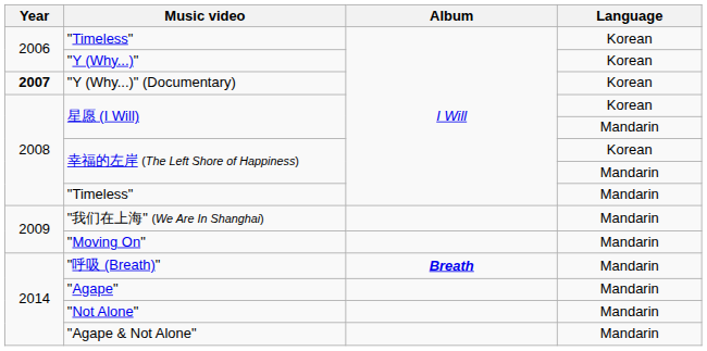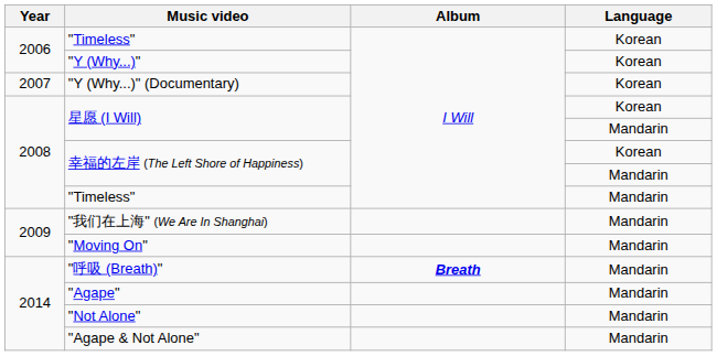 <table class="wikitable" style="width:50%;">
 <tr>
 <th width=3%>Year</th>
 <th style="width:20%;">Music video</th>
 <th style="width:15%;">Album</th>
 <th style="width:10%;">Language</th>
 </tr>
 <tr>
 <td style="text-align:center;" rowspan=2>2006</td>
 <td>"<a href='#'>Timeless</a>"</td>
 <td style="text-align:center;" rowspan=8><em><a href='#'>I Will</a></em></td>
 <td style="text-align:center;">Korean</td>
 </tr>
 <tr>
 <td>"<a href='#'>Y (Why...)</a>"</td>
 <td style="text-align:center;">Korean</td>
 </tr>
 <tr>
-<td style="text-align:center;"><strong>2007</strong></td>
+<td style="text-align:center;">2007</td>
 <td>"Y (Why...)" (Documentary)</td>
 <td style="text-align:center;">Korean</td>
 </tr>
 <tr>
 <td style="text-align:center;" rowspan=5>2008</td>
 <td rowspan=2><a href='#'>星愿 (I Will)</a></td>
 <td style="text-align:center;">Korean</td>
 </tr>
 <tr>
 <td style="text-align:center;">Mandarin</td>
 </tr>
 <tr>
 <td rowspan=2><a href='#'>幸福的左岸</a> <small>(<em>The Left Shore of Happiness</em>)</small></td>
 <td style="text-align:center;">Korean</td>
 </tr>
 <tr>
 <td style="text-align:center;">Mandarin</td>
 </tr>
 <tr>
 <td>"Timeless"</td>
 <td style="text-align:center;">Mandarin</td>
 </tr>
 <tr>
 <td style="text-align:center;" rowspan=2>2009</td>
 <td>"我们在上海" <small>(<em>We Are In Shanghai</em>)</small></td>
 <td></td>
 <td style="text-align:center;">Mandarin</td>
 </tr>
 <tr>
 <td>"<a href='#'>Moving On</a>"</td>
 <td></td>
 <td style="text-align:center;">Mandarin</td>
 </tr>
 <tr>
 <td style="text-align:center;" rowspan=4>2014</td>
 <td>"<a href='#'>呼吸 (Breath)</a>"</td>
 <td style="text-align:center;"><strong><em><a href='#'>Breath</a></em></strong></td>
 <td style="text-align:center;">Mandarin</td>
 </tr>
 <tr>
 <td>"<a href='#'>Agape</a>"</td>
 <td></td>
 <td style="text-align:center;">Mandarin</td>
 </tr>
 <tr>
 <td>"<a href='#'>Not Alone</a>"</td>
 <td></td>
 <td style="text-align:center;">Mandarin</td>
 </tr>
 <tr>
 <td>"Agape & Not Alone"</td>
 <td></td>
 <td style="text-align:center;">Mandarin</td>
 </tr>
 </table>
